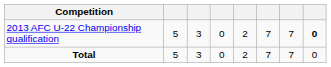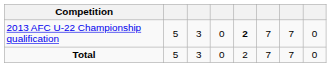 <table class="wikitable" style="text-align: center;">
 <tr>
 <th width=250>Competition</th>
 <th width=30></th>
 <th width=30></th>
 <th width=30></th>
 <th width=30></th>
 <th width=30></th>
 <th width=30></th>
 <th width=30></th>
 </tr>
 <tr>
 <td align="left"><a href='#'>2013 AFC U-22 Championship qualification</a></td>
 <td>5</td>
 <td>3</td>
 <td>0</td>
-<td>2</td>
+<td><strong>2</strong></td>
 <td>7</td>
 <td>7</td>
-<td><strong>0</strong></td>
+<td>0</td>
 </tr>
 <tr>
 <td><strong>Total</strong></td>
 <td>5</td>
 <td>3</td>
 <td>0</td>
 <td>2</td>
 <td>7</td>
 <td>7</td>
 <td>0</td>
 </tr>
 </table>
